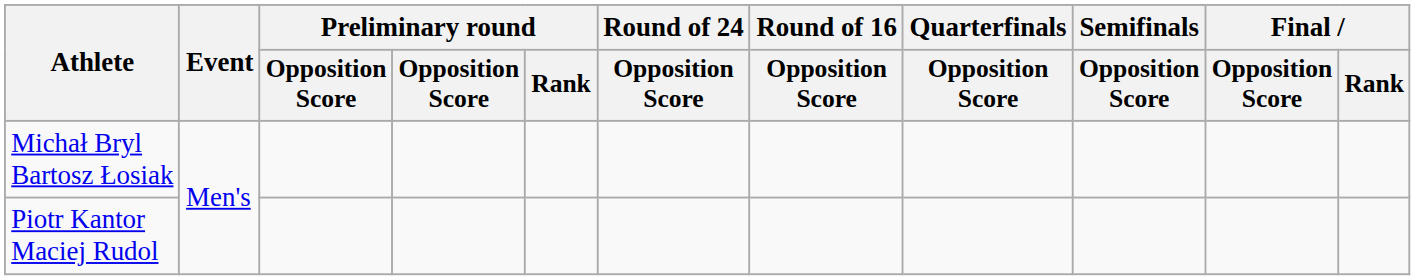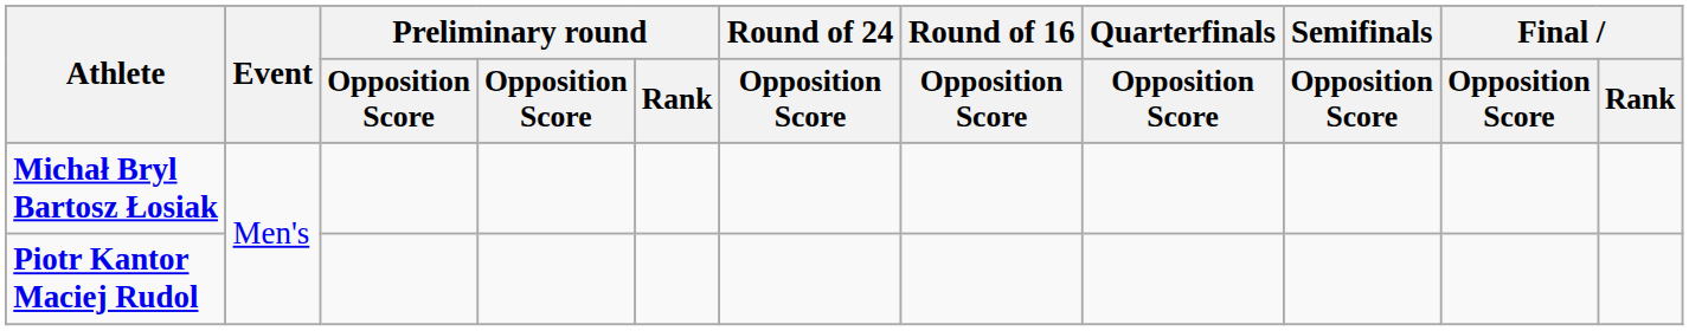 <table class=wikitable style=font-size:90%;text-align:center>
 <tr>
 <th rowspan=2>Athlete</th>
 <th rowspan=2>Event</th>
 <th colspan=3>Preliminary round</th>
 <th>Round of 24</th>
 <th>Round of 16</th>
 <th>Quarterfinals</th>
 <th>Semifinals</th>
 <th colspan=2>Final / </th>
 </tr>
 <tr style=font-size:95%>
 <th>Opposition<br>Score</th>
 <th>Opposition<br>Score</th>
 <th>Rank</th>
 <th>Opposition<br>Score</th>
 <th>Opposition<br>Score</th>
 <th>Opposition<br>Score</th>
 <th>Opposition<br>Score</th>
 <th>Opposition<br>Score</th>
 <th>Rank</th>
 </tr>
 <tr>
-<td align=left><a href='#'>Michał Bryl</a><br><a href='#'>Bartosz Łosiak</a></td>
+<td align=left><strong><a href='#'>Michał Bryl</a><br><a href='#'>Bartosz Łosiak</a></strong></td>
 <td align=left rowspan=2><a href='#'>Men's</a></td>
 <td></td>
 <td></td>
 <td></td>
 <td></td>
 <td></td>
 <td></td>
 <td></td>
 <td></td>
 <td></td>
 </tr>
 <tr>
-<td align=left><a href='#'>Piotr Kantor</a><br><a href='#'>Maciej Rudol</a></td>
+<td align=left><strong><a href='#'>Piotr Kantor</a><br><a href='#'>Maciej Rudol</a></strong></td>
 <td></td>
 <td></td>
 <td></td>
 <td></td>
 <td></td>
 <td></td>
 <td></td>
 <td></td>
 <td></td>
 </tr>
 </table>
